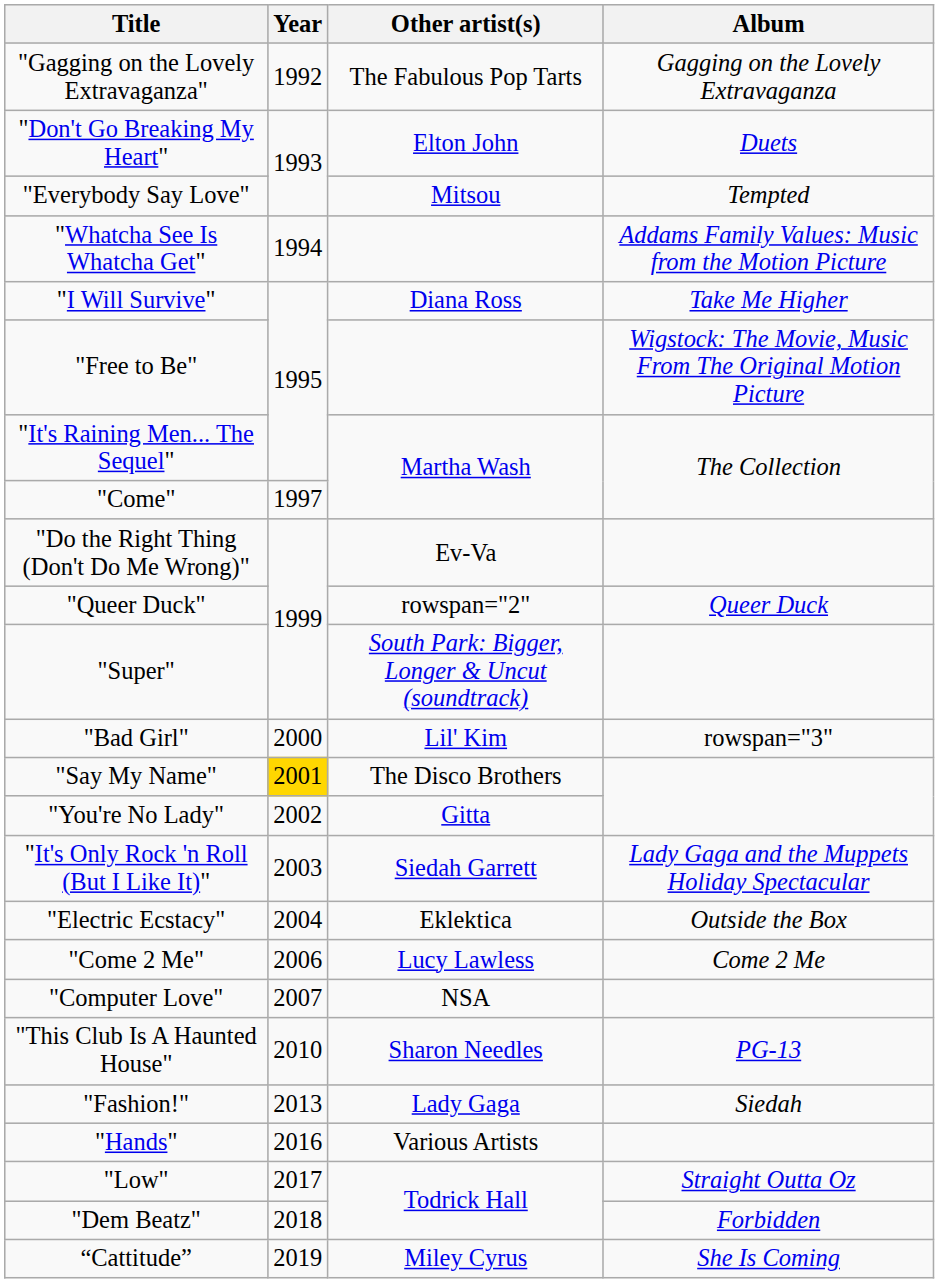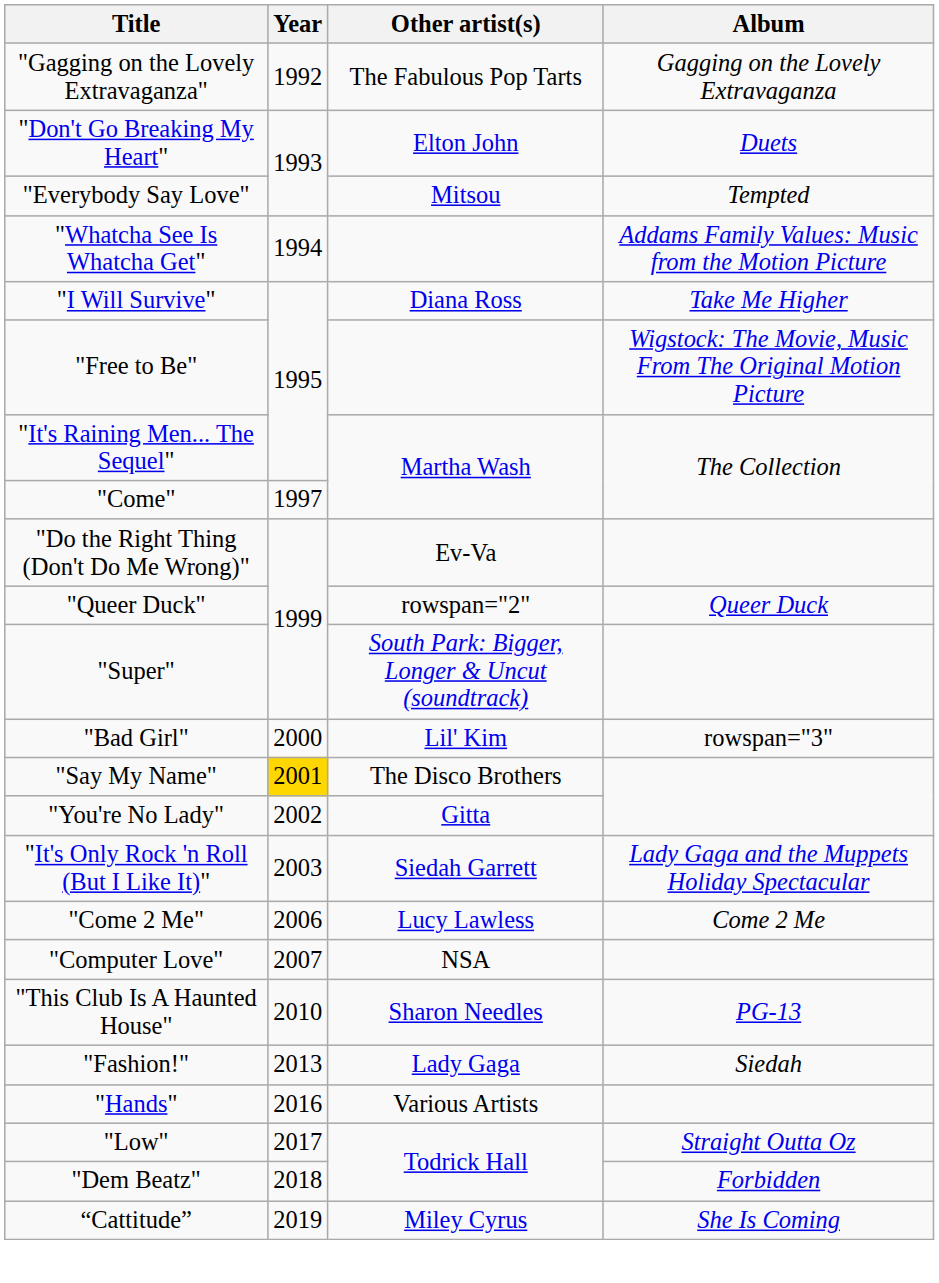 <table class="wikitable plainrowheaders" style="text-align:center;">
 <tr>
 <th>Title</th>
 <th>Year</th>
 <th>Other artist(s)</th>
 <th>Album</th>
 </tr>
 <tr>
 <td>"Gagging on the Lovely Extravaganza"</td>
 <td>1992</td>
 <td>The Fabulous Pop Tarts</td>
 <td><em>Gagging on the Lovely Extravaganza</em></td>
 </tr>
 <tr>
 <td>"<a href='#'>Don't Go Breaking My Heart</a>"</td>
 <td rowspan=2>1993</td>
 <td><a href='#'>Elton John</a></td>
 <td><em><a href='#'>Duets</a></em></td>
 </tr>
 <tr>
 <td>"Everybody Say Love"</td>
 <td><a href='#'>Mitsou</a></td>
 <td><em>Tempted</em></td>
 </tr>
 <tr>
 <td>"<a href='#'>Whatcha See Is Whatcha Get</a>"</td>
 <td>1994</td>
 <td></td>
 <td><em><a href='#'>Addams Family Values: Music from the Motion Picture</a></em></td>
 </tr>
 <tr>
 <td>"<a href='#'>I Will Survive</a>"</td>
 <td rowspan=3>1995</td>
 <td><a href='#'>Diana Ross</a></td>
 <td><em><a href='#'>Take Me Higher</a></em></td>
 </tr>
 <tr>
 <td>"Free to Be"</td>
 <td></td>
 <td><em><a href='#'>Wigstock: The Movie, Music From The Original Motion Picture</a></em></td>
 </tr>
 <tr>
 <td>"<a href='#'>It's Raining Men... The Sequel</a>"</td>
 <td rowspan="2"><a href='#'>Martha Wash</a></td>
 <td rowspan="2"><em>The Collection</em></td>
 </tr>
 <tr>
 <td>"Come"</td>
 <td>1997</td>
 </tr>
 <tr>
 <td>"Do the Right Thing (Don't Do Me Wrong)"</td>
 <td rowspan=3>1999</td>
 <td>Ev-Va</td>
 <td></td>
 </tr>
 <tr>
 <td>"Queer Duck"</td>
 <td>rowspan="2" </td>
 <td><em><a href='#'>Queer Duck</a></em></td>
 </tr>
 <tr>
 <td>"Super"</td>
 <td><em><a href='#'>South Park: Bigger, Longer & Uncut (soundtrack)</a></em></td>
 </tr>
 <tr>
 <td>"Bad Girl"</td>
 <td>2000</td>
 <td><a href='#'>Lil' Kim</a></td>
 <td>rowspan="3" </td>
 </tr>
 <tr>
 <td>"Say My Name"</td>
 <td style="background: gold;">2001</td>
 <td>The Disco Brothers</td>
 </tr>
 <tr>
 <td>"You're No Lady"</td>
 <td>2002</td>
 <td><a href='#'>Gitta</a></td>
 </tr>
 <tr>
 <td>"<a href='#'>It's Only Rock 'n Roll (But I Like It)</a>"</td>
 <td>2003</td>
 <td><a href='#'>Siedah Garrett</a></td>
 <td><em><a href='#'>Lady Gaga and the Muppets Holiday Spectacular</a></em></td>
 </tr>
 <tr>
-<td>"Electric Ecstacy"</td>
-<td>2004</td>
-<td>Eklektica</td>
-<td><em>Outside the Box</em></td>
-</tr>
-<tr>
 <td>"Come 2 Me"</td>
 <td>2006</td>
 <td><a href='#'>Lucy Lawless</a></td>
 <td><em>Come 2 Me</em></td>
 </tr>
 <tr>
 <td>"Computer Love"</td>
 <td>2007</td>
 <td>NSA</td>
 <td></td>
 </tr>
 <tr>
 <td>"This Club Is A Haunted House"</td>
 <td>2010</td>
 <td><a href='#'>Sharon Needles</a></td>
 <td><em><a href='#'>PG-13</a></em></td>
 </tr>
 <tr>
 <td>"Fashion!"</td>
 <td>2013</td>
 <td><a href='#'>Lady Gaga</a></td>
 <td><em>Siedah</em></td>
 </tr>
 <tr>
 <td>"<a href='#'>Hands</a>"</td>
 <td>2016</td>
 <td>Various Artists</td>
 <td></td>
 </tr>
 <tr>
 <td>"Low"</td>
 <td>2017</td>
 <td rowspan=2><a href='#'>Todrick Hall</a></td>
 <td><em><a href='#'>Straight Outta Oz</a></em></td>
 </tr>
 <tr>
 <td>"Dem Beatz"</td>
 <td>2018</td>
 <td><em><a href='#'>Forbidden</a></em></td>
 </tr>
 <tr>
 <td>“Cattitude”</td>
 <td>2019</td>
 <td><a href='#'>Miley Cyrus</a></td>
 <td><em><a href='#'>She Is Coming</a></em></td>
 </tr>
 </table>
